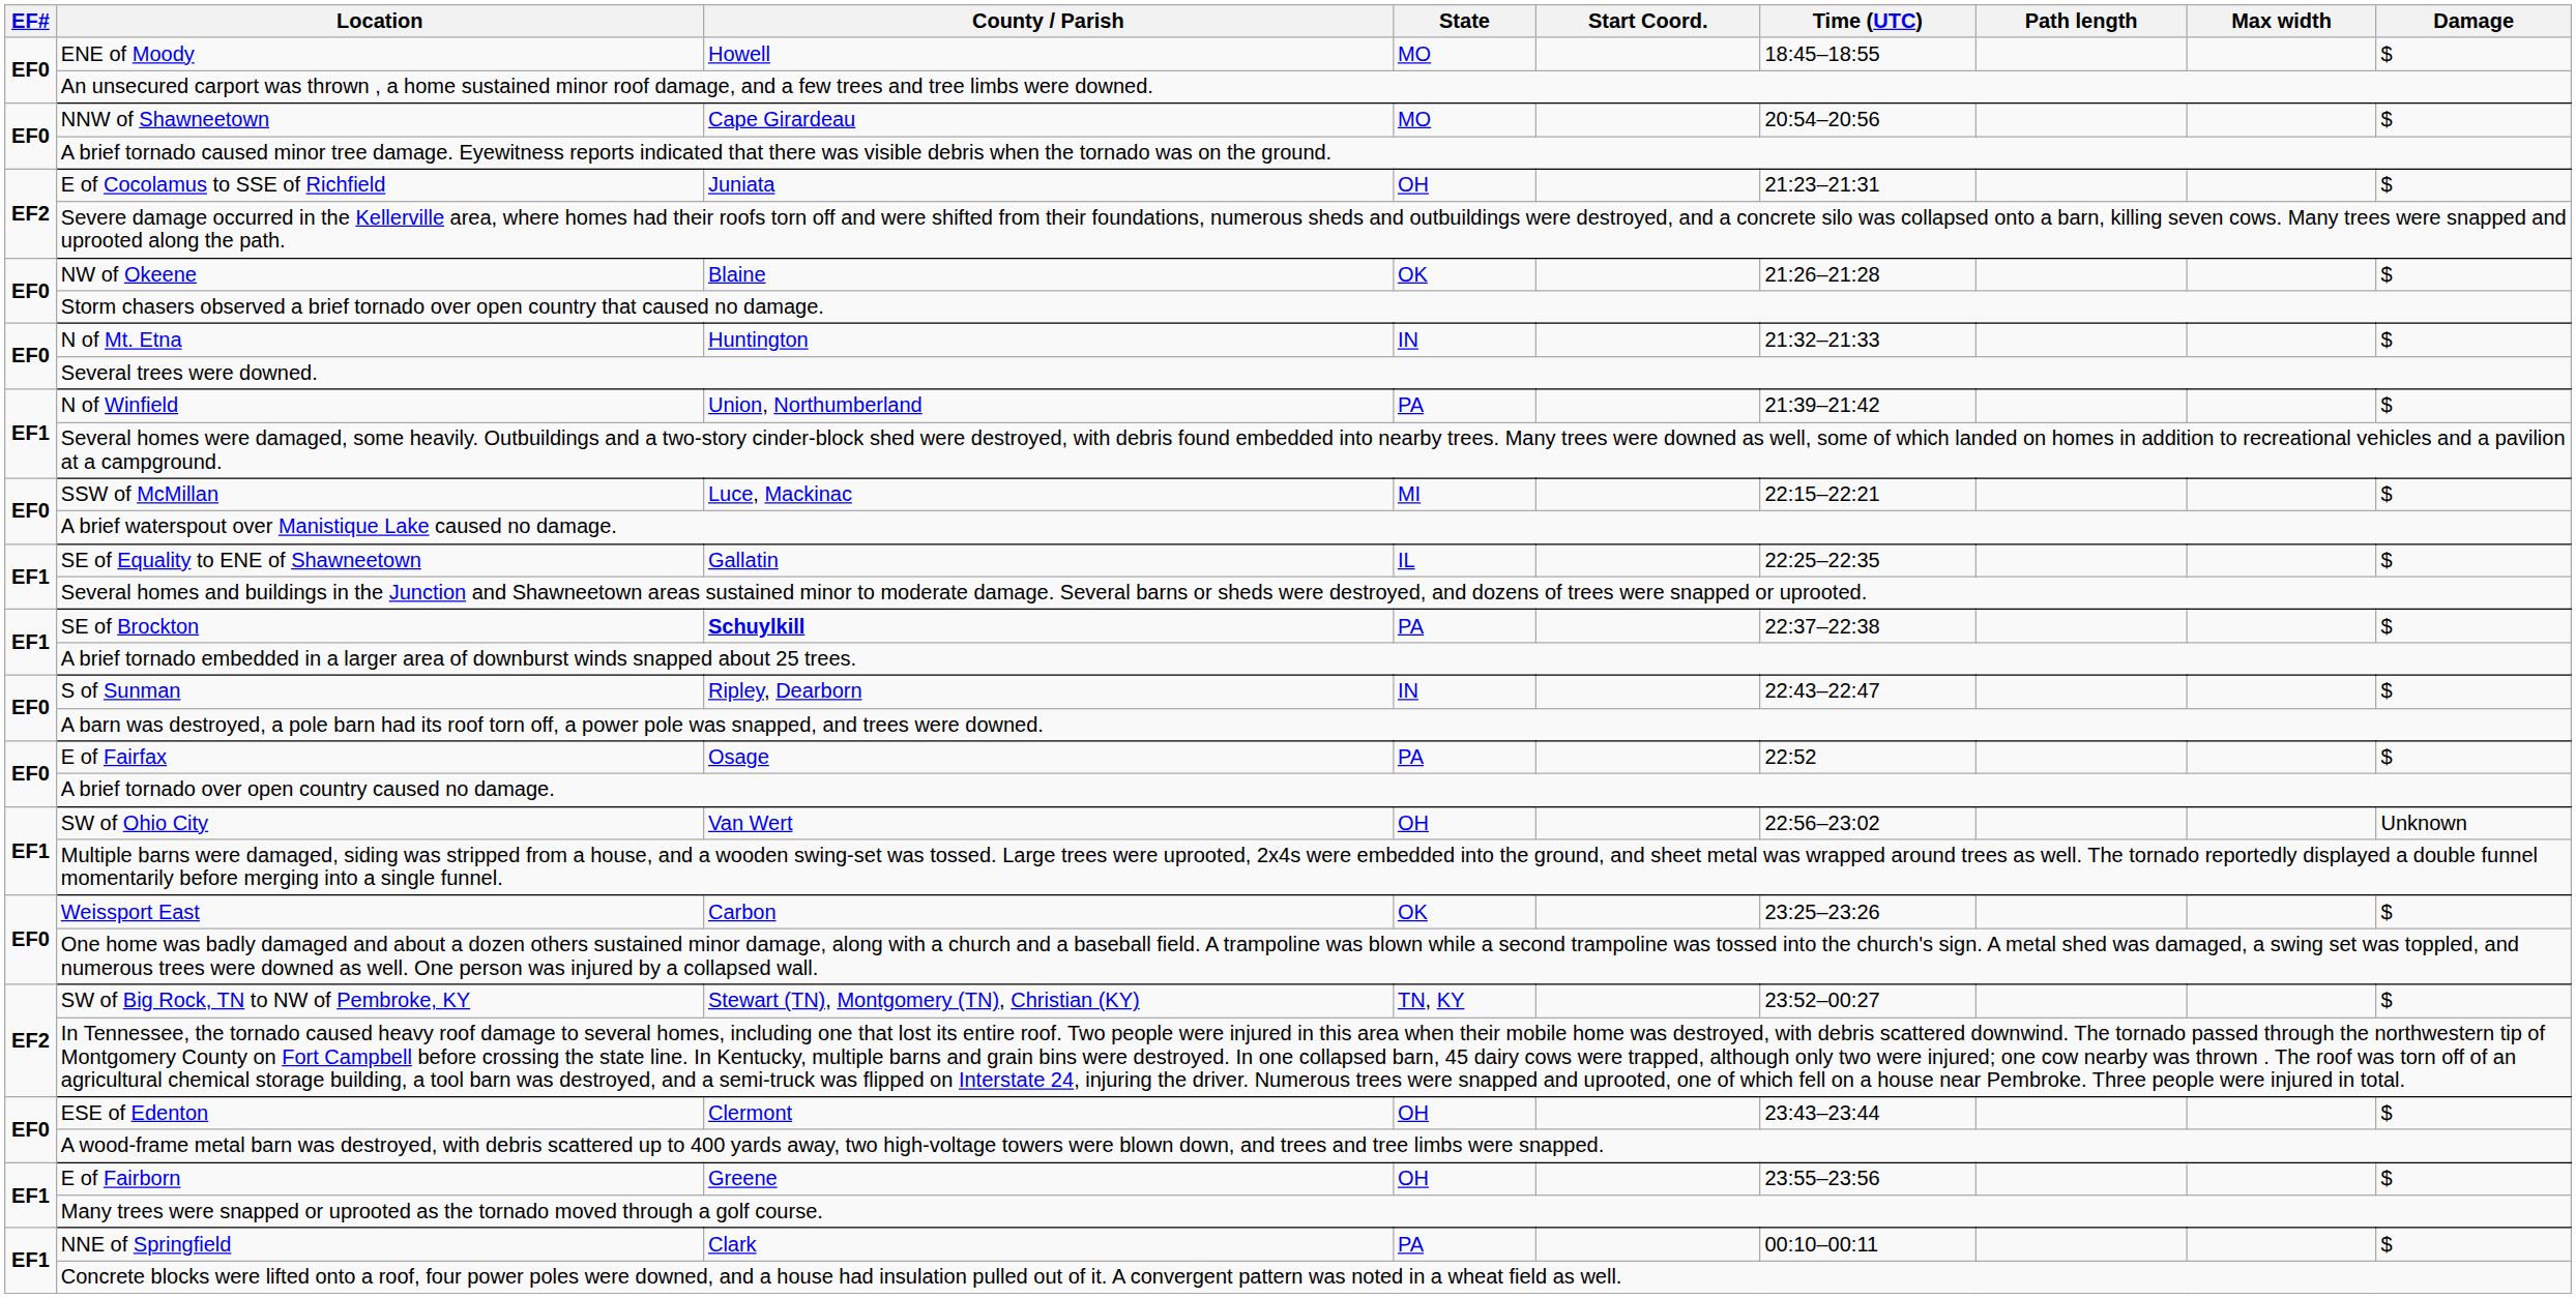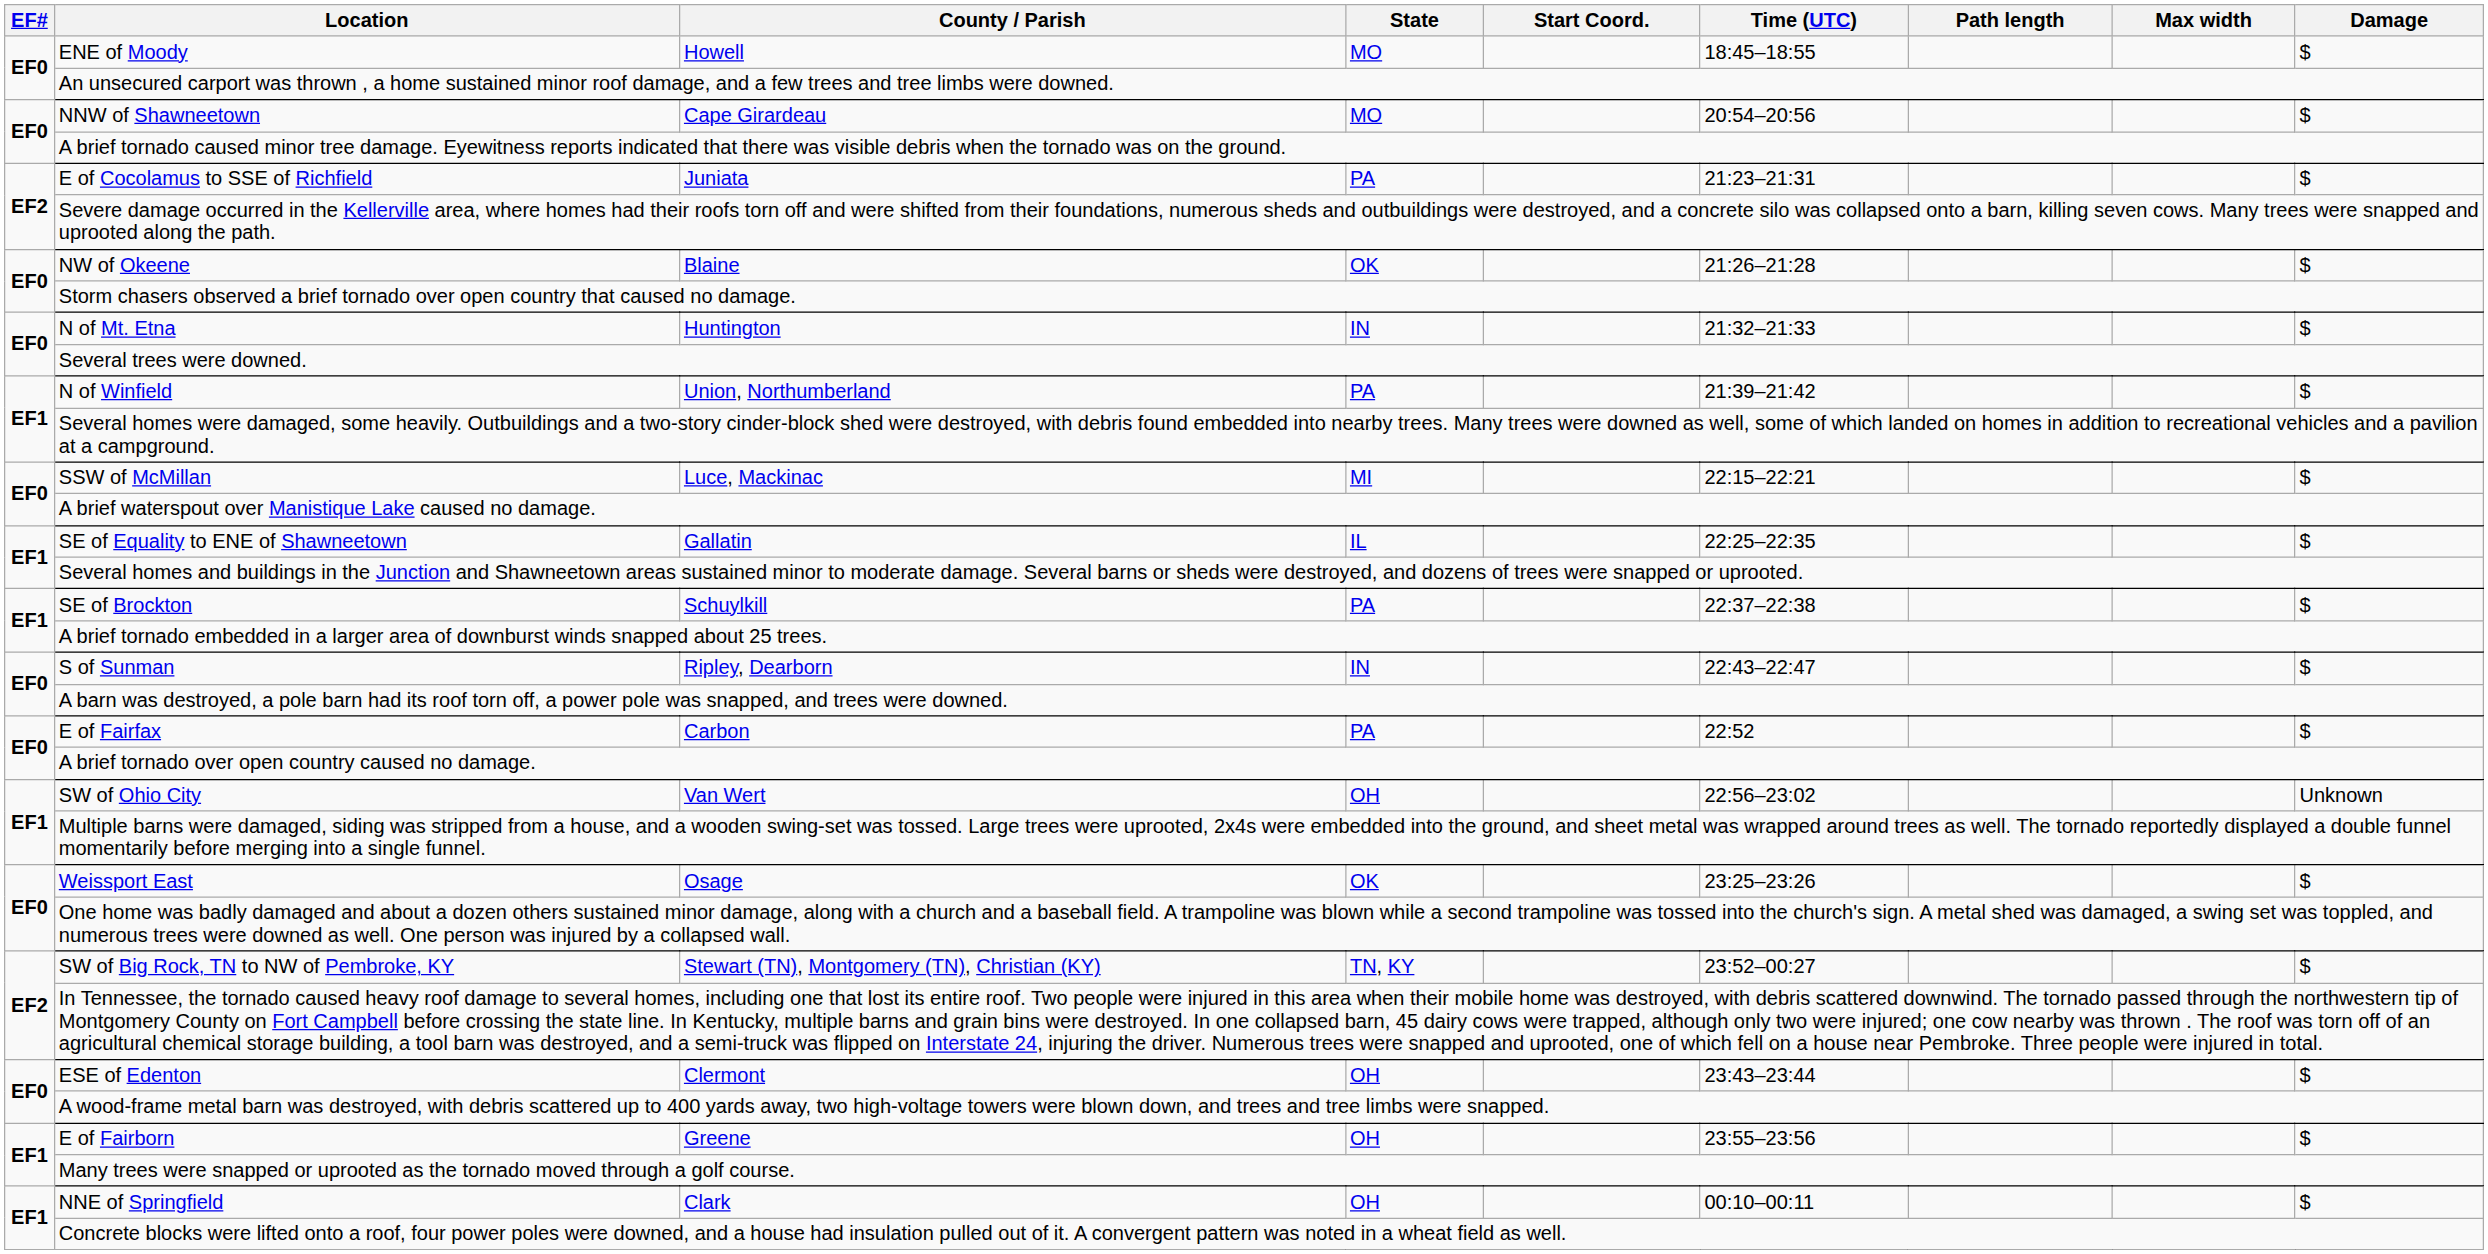 <table class="wikitable sortable" style="width:100%;">
 <tr>
 <th scope="col" width="2%" align="center"><a href='#'>EF#</a></th>
 <th scope="col" align="center" class="unsortable">Location</th>
 <th scope="col" align="center" class="unsortable">County / Parish</th>
 <th scope="col" align="center">State</th>
 <th scope="col" align="center" data-sort-type="number">Start Coord.</th>
 <th scope="col" align="center" data-sort-type="number">Time (<a href='#'>UTC</a>)</th>
 <th scope="col" align="center" data-sort-type="number">Path length</th>
 <th scope="col" align="center" data-sort-type="number">Max width</th>
 <th scope="col" align="center">Damage</th>
 </tr>
 <tr>
 <td rowspan="2" align="center"><strong>EF0</strong></td>
 <td>ENE of <a href='#'>Moody</a></td>
 <td><a href='#'>Howell</a></td>
 <td><a href='#'>MO</a></td>
 <td></td>
 <td>18:45–18:55</td>
 <td></td>
 <td></td>
 <td>$</td>
 </tr>
 <tr class="expand-child">
 <td colspan="8" style=" border-bottom: 1px solid black;">An unsecured carport was thrown , a home sustained minor roof damage, and a few trees and tree limbs were downed.</td>
 </tr>
 <tr>
 <td rowspan="2" align="center"><strong>EF0</strong></td>
 <td>NNW of <a href='#'>Shawneetown</a></td>
 <td><a href='#'>Cape Girardeau</a></td>
 <td><a href='#'>MO</a></td>
 <td></td>
 <td>20:54–20:56</td>
 <td></td>
 <td></td>
 <td>$</td>
 </tr>
 <tr class="expand-child">
 <td colspan="8" style=" border-bottom: 1px solid black;">A brief tornado caused minor tree damage. Eyewitness reports indicated that there was visible debris when the tornado was on the ground.</td>
 </tr>
 <tr>
 <td rowspan="2" align="center"><strong>EF2</strong></td>
 <td>E of <a href='#'>Cocolamus</a> to SSE of <a href='#'>Richfield</a></td>
 <td><a href='#'>Juniata</a></td>
-<td><a href='#'>OH</a></td>
+<td><a href='#'>PA</a></td>
 <td></td>
 <td>21:23–21:31</td>
 <td></td>
 <td></td>
 <td>$</td>
 </tr>
 <tr class="expand-child">
 <td colspan="8" style=" border-bottom: 1px solid black;">Severe damage occurred in the <a href='#'>Kellerville</a> area, where homes had their roofs torn off and were shifted from their foundations, numerous sheds and outbuildings were destroyed, and a concrete silo was collapsed onto a barn, killing seven cows. Many trees were snapped and uprooted along the path.</td>
 </tr>
 <tr>
 <td rowspan="2" align="center"><strong>EF0</strong></td>
 <td>NW of <a href='#'>Okeene</a></td>
 <td><a href='#'>Blaine</a></td>
 <td><a href='#'>OK</a></td>
 <td></td>
 <td>21:26–21:28</td>
 <td></td>
 <td></td>
 <td>$</td>
 </tr>
 <tr class="expand-child">
 <td colspan="8" style=" border-bottom: 1px solid black;">Storm chasers observed a brief tornado over open country that caused no damage.</td>
 </tr>
 <tr>
 <td rowspan="2" align="center"><strong>EF0</strong></td>
 <td>N of <a href='#'>Mt. Etna</a></td>
 <td><a href='#'>Huntington</a></td>
 <td><a href='#'>IN</a></td>
 <td></td>
 <td>21:32–21:33</td>
 <td></td>
 <td></td>
 <td>$</td>
 </tr>
 <tr class="expand-child">
 <td colspan="8" style=" border-bottom: 1px solid black;">Several trees were downed.</td>
 </tr>
 <tr>
 <td rowspan="2" align="center"><strong>EF1</strong></td>
 <td>N of <a href='#'>Winfield</a></td>
 <td><a href='#'>Union</a>, <a href='#'>Northumberland</a></td>
 <td><a href='#'>PA</a></td>
 <td></td>
 <td>21:39–21:42</td>
 <td></td>
 <td></td>
 <td>$</td>
 </tr>
 <tr class="expand-child">
 <td colspan="8" style=" border-bottom: 1px solid black;">Several homes were damaged, some heavily. Outbuildings and a two-story cinder-block shed were destroyed, with debris found embedded into nearby trees. Many trees were downed as well, some of which landed on homes in addition to recreational vehicles and a pavilion at a campground.</td>
 </tr>
 <tr>
 <td rowspan="2" align="center"><strong>EF0</strong></td>
 <td>SSW of <a href='#'>McMillan</a></td>
 <td><a href='#'>Luce</a>, <a href='#'>Mackinac</a></td>
 <td><a href='#'>MI</a></td>
 <td></td>
 <td>22:15–22:21</td>
 <td></td>
 <td></td>
 <td>$</td>
 </tr>
 <tr class="expand-child">
 <td colspan="8" style=" border-bottom: 1px solid black;">A brief waterspout over <a href='#'>Manistique Lake</a> caused no damage.</td>
 </tr>
 <tr>
 <td rowspan="2" align="center"><strong>EF1</strong></td>
 <td>SE of <a href='#'>Equality</a> to ENE of <a href='#'>Shawneetown</a></td>
 <td><a href='#'>Gallatin</a></td>
 <td><a href='#'>IL</a></td>
 <td></td>
 <td>22:25–22:35</td>
 <td></td>
 <td></td>
 <td>$</td>
 </tr>
 <tr class="expand-child">
 <td colspan="8" style=" border-bottom: 1px solid black;">Several homes and buildings in the <a href='#'>Junction</a> and Shawneetown areas sustained minor to moderate damage. Several barns or sheds were destroyed, and dozens of trees were snapped or uprooted.</td>
 </tr>
 <tr>
 <td rowspan="2" align="center"><strong>EF1</strong></td>
 <td>SE of <a href='#'>Brockton</a></td>
-<td><strong><a href='#'>Schuylkill</a></strong></td>
+<td><a href='#'>Schuylkill</a></td>
 <td><a href='#'>PA</a></td>
 <td></td>
 <td>22:37–22:38</td>
 <td></td>
 <td></td>
 <td>$</td>
 </tr>
 <tr class="expand-child">
 <td colspan="8" style=" border-bottom: 1px solid black;">A brief tornado embedded in a larger area of downburst winds snapped about 25 trees.</td>
 </tr>
 <tr>
 <td rowspan="2" align="center"><strong>EF0</strong></td>
 <td>S of <a href='#'>Sunman</a></td>
 <td><a href='#'>Ripley</a>, <a href='#'>Dearborn</a></td>
 <td><a href='#'>IN</a></td>
 <td></td>
 <td>22:43–22:47</td>
 <td></td>
 <td></td>
 <td>$</td>
 </tr>
 <tr class="expand-child">
 <td colspan="8" style=" border-bottom: 1px solid black;">A barn was destroyed, a pole barn had its roof torn off, a power pole was snapped, and trees were downed.</td>
 </tr>
 <tr>
 <td rowspan="2" align="center"><strong>EF0</strong></td>
 <td>E of <a href='#'>Fairfax</a></td>
-<td><a href='#'>Osage</a></td>
+<td><a href='#'>Carbon</a></td>
 <td><a href='#'>PA</a></td>
 <td></td>
 <td>22:52</td>
 <td></td>
 <td></td>
 <td>$</td>
 </tr>
 <tr class="expand-child">
 <td colspan="8" style=" border-bottom: 1px solid black;">A brief tornado over open country caused no damage.</td>
 </tr>
 <tr>
 <td rowspan="2" align="center"><strong>EF1</strong></td>
 <td>SW of <a href='#'>Ohio City</a></td>
 <td><a href='#'>Van Wert</a></td>
 <td><a href='#'>OH</a></td>
 <td></td>
 <td>22:56–23:02</td>
 <td></td>
 <td></td>
 <td>Unknown</td>
 </tr>
 <tr class="expand-child">
 <td colspan="8" style=" border-bottom: 1px solid black;">Multiple barns were damaged, siding was stripped from a house, and a wooden swing-set was tossed. Large trees were uprooted, 2x4s were embedded into the ground, and sheet metal was wrapped around trees as well. The tornado reportedly displayed a double funnel momentarily before merging into a single funnel.</td>
 </tr>
 <tr>
 <td rowspan="2" align="center"><strong>EF0</strong></td>
 <td><a href='#'>Weissport East</a></td>
-<td><a href='#'>Carbon</a></td>
+<td><a href='#'>Osage</a></td>
 <td><a href='#'>OK</a></td>
 <td></td>
 <td>23:25–23:26</td>
 <td></td>
 <td></td>
 <td>$</td>
 </tr>
 <tr class="expand-child">
 <td colspan="8" style=" border-bottom: 1px solid black;">One home was badly damaged and about a dozen others sustained minor damage, along with a church and a baseball field. A trampoline was blown  while a second trampoline was tossed into the church's sign. A metal shed was damaged, a swing set was toppled, and numerous trees were downed as well. One person was injured by a collapsed wall.</td>
 </tr>
 <tr>
 <td rowspan="2" align="center"><strong>EF2</strong></td>
 <td>SW of <a href='#'>Big Rock, TN</a> to NW of <a href='#'>Pembroke, KY</a></td>
 <td><a href='#'>Stewart (TN)</a>, <a href='#'>Montgomery (TN)</a>, <a href='#'>Christian (KY)</a></td>
 <td><a href='#'>TN</a>, <a href='#'>KY</a></td>
 <td></td>
 <td>23:52–00:27</td>
 <td></td>
 <td></td>
 <td>$</td>
 </tr>
 <tr class="expand-child">
 <td colspan="8" style=" border-bottom: 1px solid black;">In Tennessee, the tornado caused heavy roof damage to several homes, including one that lost its entire roof. Two people were injured in this area when their mobile home was destroyed, with debris scattered downwind. The tornado passed through the northwestern tip of Montgomery County on <a href='#'>Fort Campbell</a> before crossing the state line. In Kentucky, multiple barns and grain bins were destroyed. In one collapsed barn, 45 dairy cows were trapped, although only two were injured; one cow nearby was thrown . The roof was torn off of an agricultural chemical storage building, a tool barn was destroyed, and a semi-truck was flipped on <a href='#'>Interstate 24</a>, injuring the driver. Numerous trees were snapped and uprooted, one of which fell on a house near Pembroke. Three people were injured in total.</td>
 </tr>
 <tr>
 <td rowspan="2" align="center"><strong>EF0</strong></td>
 <td>ESE of <a href='#'>Edenton</a></td>
 <td><a href='#'>Clermont</a></td>
 <td><a href='#'>OH</a></td>
 <td></td>
 <td>23:43–23:44</td>
 <td></td>
 <td></td>
 <td>$</td>
 </tr>
 <tr class="expand-child">
 <td colspan="8" style=" border-bottom: 1px solid black;">A wood-frame metal barn was destroyed, with debris scattered up to 400 yards away, two high-voltage towers were blown down, and trees and tree limbs were snapped.</td>
 </tr>
 <tr>
 <td rowspan="2" align="center"><strong>EF1</strong></td>
 <td>E of <a href='#'>Fairborn</a></td>
 <td><a href='#'>Greene</a></td>
 <td><a href='#'>OH</a></td>
 <td></td>
 <td>23:55–23:56</td>
 <td></td>
 <td></td>
 <td>$</td>
 </tr>
 <tr class="expand-child">
 <td colspan="8" style=" border-bottom: 1px solid black;">Many trees were snapped or uprooted as the tornado moved through a golf course.</td>
 </tr>
 <tr>
 <td rowspan="2" align="center"><strong>EF1</strong></td>
 <td>NNE of <a href='#'>Springfield</a></td>
 <td><a href='#'>Clark</a></td>
-<td><a href='#'>PA</a></td>
+<td><a href='#'>OH</a></td>
 <td></td>
 <td>00:10–00:11</td>
 <td></td>
 <td></td>
 <td>$</td>
 </tr>
 <tr class="expand-child">
 <td colspan="8" style=" border-bottom: 1px solid black;">Concrete blocks were lifted onto a roof, four power poles were downed, and a house had insulation pulled out of it. A convergent pattern was noted in a wheat field as well.</td>
 </tr>
 <tr>
 </tr>
 </table>
